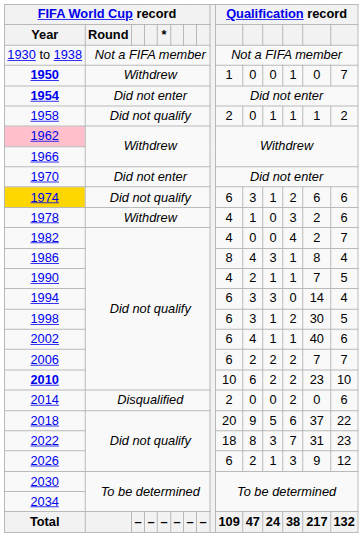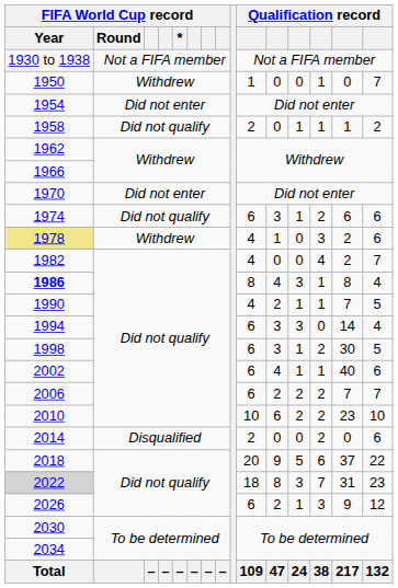 <table class="wikitable" style="text-align: center;">
 <tr>
 <th colspan=8><a href='#'>FIFA World Cup</a> record</th>
 <th rowspan="39"></th>
 <th colspan=6><a href='#'>Qualification</a> record</th>
 </tr>
 <tr>
 <th>Year</th>
 <th>Round</th>
 <th></th>
 <th></th>
 <th>*</th>
 <th></th>
 <th></th>
 <th></th>
 <th></th>
 <th></th>
 <th></th>
 <th></th>
 <th></th>
 <th></th>
 </tr>
 <tr>
 <td><a href='#'>1930</a> to <a href='#'>1938</a></td>
 <td colspan=8><em>Not a FIFA member</em></td>
 <td colspan=6><em>Not a FIFA member</em></td>
 </tr>
 <tr>
-<td><strong> <a href='#'>1950</a></strong></td>
+<td> <a href='#'>1950</a></td>
 <td colspan=8><em>Withdrew</em></td>
 <td>1</td>
 <td>0</td>
 <td>0</td>
 <td>1</td>
 <td>0</td>
 <td>7</td>
 </tr>
 <tr>
-<td><strong> <a href='#'>1954</a></strong></td>
+<td> <a href='#'>1954</a></td>
 <td colspan=8><em>Did not enter</em></td>
 <td colspan=8><em>Did not enter</em></td>
 </tr>
 <tr>
 <td> <a href='#'>1958</a></td>
 <td colspan=8><em>Did not qualify</em></td>
 <td>2</td>
 <td>0</td>
 <td>1</td>
 <td>1</td>
 <td>1</td>
 <td>2</td>
 </tr>
 <tr>
-<td style="background: pink;"> <a href='#'>1962</a></td>
+<td> <a href='#'>1962</a></td>
 <td colspan=8 rowspan=2><em>Withdrew</em></td>
 <td colspan=6 rowspan=2><em>Withdrew</em></td>
 </tr>
 <tr>
 <td> <a href='#'>1966</a></td>
 </tr>
 <tr>
 <td> <a href='#'>1970</a></td>
 <td colspan=8><em>Did not enter</em></td>
 <td colspan=8><em>Did not enter</em></td>
 </tr>
 <tr>
-<td style="background: gold;"> <a href='#'>1974</a></td>
+<td> <a href='#'>1974</a></td>
 <td colspan=8><em>Did not qualify</em></td>
 <td>6</td>
 <td>3</td>
 <td>1</td>
 <td>2</td>
 <td>6</td>
 <td>6</td>
 </tr>
 <tr>
-<td> <a href='#'>1978</a></td>
+<td style="background: khaki;"> <a href='#'>1978</a></td>
 <td colspan=8><em>Withdrew</em></td>
 <td>4</td>
 <td>1</td>
 <td>0</td>
 <td>3</td>
 <td>2</td>
 <td>6</td>
 </tr>
 <tr>
 <td> <a href='#'>1982</a></td>
 <td colspan=8 rowspan=8><em>Did not qualify</em></td>
 <td>4</td>
 <td>0</td>
 <td>0</td>
 <td>4</td>
 <td>2</td>
 <td>7</td>
 </tr>
 <tr>
-<td> <a href='#'>1986</a></td>
+<td><strong> <a href='#'>1986</a></strong></td>
 <td>8</td>
 <td>4</td>
 <td>3</td>
 <td>1</td>
 <td>8</td>
 <td>4</td>
 </tr>
 <tr>
 <td> <a href='#'>1990</a></td>
 <td>4</td>
 <td>2</td>
 <td>1</td>
 <td>1</td>
 <td>7</td>
 <td>5</td>
 </tr>
 <tr>
 <td> <a href='#'>1994</a></td>
 <td>6</td>
 <td>3</td>
 <td>3</td>
 <td>0</td>
 <td>14</td>
 <td>4</td>
 </tr>
 <tr>
 <td> <a href='#'>1998</a></td>
 <td>6</td>
 <td>3</td>
 <td>1</td>
 <td>2</td>
 <td>30</td>
 <td>5</td>
 </tr>
 <tr>
 <td>  <a href='#'>2002</a></td>
 <td>6</td>
 <td>4</td>
 <td>1</td>
 <td>1</td>
 <td>40</td>
 <td>6</td>
 </tr>
 <tr>
 <td> <a href='#'>2006</a></td>
 <td>6</td>
 <td>2</td>
 <td>2</td>
 <td>2</td>
 <td>7</td>
 <td>7</td>
 </tr>
 <tr>
-<td><strong> <a href='#'>2010</a></strong></td>
+<td> <a href='#'>2010</a></td>
 <td>10</td>
 <td>6</td>
 <td>2</td>
 <td>2</td>
 <td>23</td>
 <td>10</td>
 </tr>
 <tr>
 <td> <a href='#'>2014</a></td>
 <td colspan=8><em>Disqualified</em></td>
 <td>2</td>
 <td>0</td>
 <td>0</td>
 <td>2</td>
 <td>0</td>
 <td>6</td>
 </tr>
 <tr>
 <td> <a href='#'>2018</a></td>
 <td colspan=8 rowspan=3><em>Did not qualify</em></td>
 <td>20</td>
 <td>9</td>
 <td>5</td>
 <td>6</td>
 <td>37</td>
 <td>22</td>
 </tr>
 <tr>
-<td> <a href='#'>2022</a></td>
+<td style="background: lightgrey;"> <a href='#'>2022</a></td>
 <td>18</td>
 <td>8</td>
 <td>3</td>
 <td>7</td>
 <td>31</td>
 <td>23</td>
 </tr>
 <tr>
 <td>   <a href='#'>2026</a></td>
 <td>6</td>
 <td>2</td>
 <td>1</td>
 <td>3</td>
 <td>9</td>
 <td>12</td>
 </tr>
 <tr>
 <td>   <a href='#'>2030</a></td>
 <td colspan=8 rowspan=2><em>To be determined</em></td>
 <td colspan=6 rowspan=2><em>To be determined</em></td>
 </tr>
 <tr>
 <td> <a href='#'>2034</a></td>
 </tr>
 <tr>
 <th>Total</th>
 <th></th>
 <th>–</th>
 <th>–</th>
 <th>–</th>
 <th>–</th>
 <th>–</th>
 <th>–</th>
 <th>109</th>
 <th>47</th>
 <th>24</th>
 <th>38</th>
 <th>217</th>
 <th>132</th>
 </tr>
 </table>
